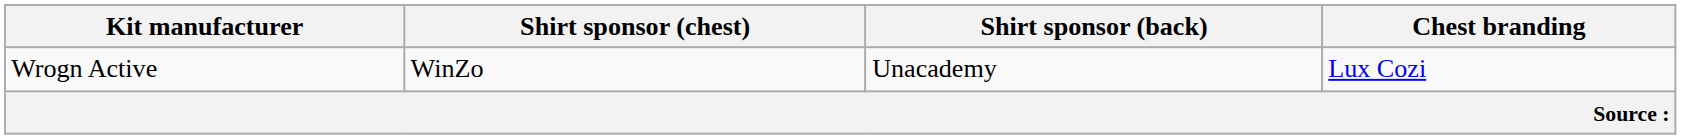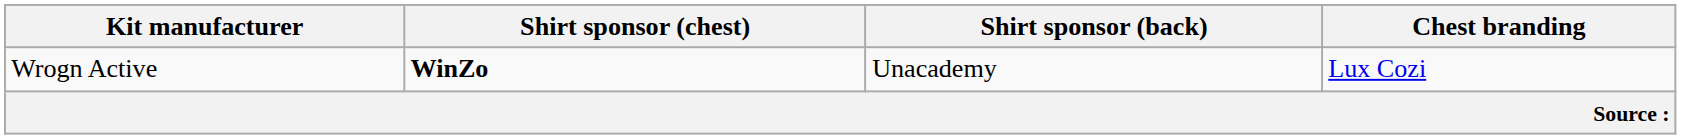 <table class="wikitable"  style="font-size:85%; width:55%;">
 <tr>
 <th>Kit manufacturer</th>
 <th>Shirt sponsor (chest)</th>
 <th>Shirt sponsor (back)</th>
 <th>Chest branding</th>
 </tr>
 <tr>
 <td>Wrogn Active</td>
-<td>WinZo</td>
+<td><strong>WinZo</strong></td>
 <td>Unacademy</td>
 <td><a href='#'>Lux Cozi</a></td>
 </tr>
 <tr>
 <th colspan="4" style="text-align:right;"><small> Source :</small></th>
 </tr>
 </table>
